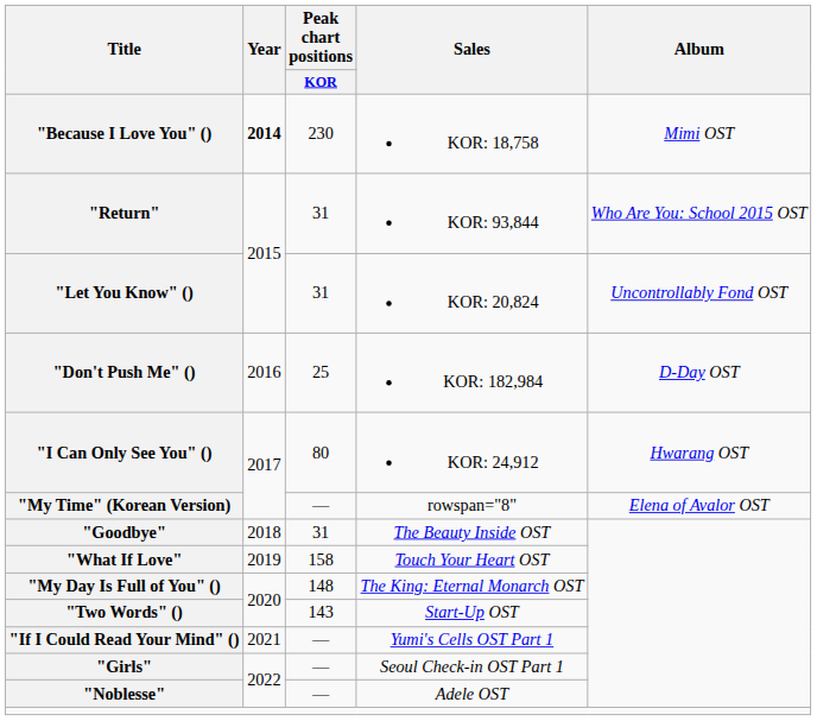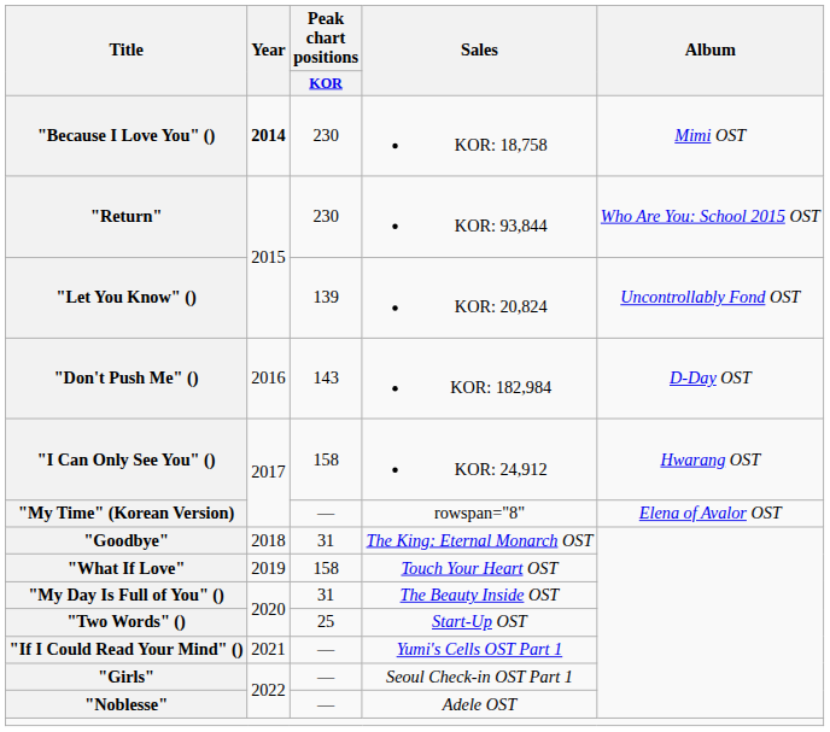 <table class="wikitable plainrowheaders" style="text-align:center">
 <tr>
 <th scope="col" rowspan="2">Title</th>
 <th scope="col" rowspan="2">Year</th>
 <th scope="col">Peak chart<br>positions</th>
 <th scope="col" rowspan="2">Sales</th>
 <th scope="col" rowspan="2">Album</th>
 </tr>
 <tr>
 <th scope="col" style="font-size:85%; width:2.5em"><a href='#'>KOR</a><br></th>
 </tr>
 <tr>
 <th scope="row">"Because I Love You" ()</th>
 <td><strong>2014</strong></td>
 <td>230</td>
 <td><br><ul><li>KOR: 18,758</li></ul></td>
 <td><em><a href='#'>Mimi</a> OST</em></td>
 </tr>
 <tr>
 <th scope="row">"Return"<br></th>
 <td rowspan="2">2015</td>
-<td>31</td>
+<td>230</td>
 <td><br><ul><li>KOR: 93,844</li></ul></td>
 <td><em><a href='#'>Who Are You: School 2015</a> OST</em></td>
 </tr>
 <tr>
 <th scope="row">"Let You Know" ()</th>
-<td>31</td>
+<td>139</td>
 <td><br><ul><li>KOR: 20,824</li></ul></td>
 <td><em><a href='#'>Uncontrollably Fond</a> OST</em></td>
 </tr>
 <tr>
 <th scope="row">"Don't Push Me" ()<br></th>
 <td>2016</td>
-<td>25</td>
+<td>143</td>
 <td><br><ul><li>KOR: 182,984</li></ul></td>
 <td><em><a href='#'>D-Day</a> OST</em></td>
 </tr>
 <tr>
 <th scope="row">"I Can Only See You" ()<br></th>
 <td rowspan="2">2017</td>
-<td>80</td>
+<td>158</td>
 <td><br><ul><li>KOR: 24,912</li></ul></td>
 <td><em><a href='#'>Hwarang</a> OST</em></td>
 </tr>
 <tr>
 <th scope="row">"My Time" (Korean Version)</th>
 <td>—</td>
 <td>rowspan="8" </td>
 <td><em><a href='#'>Elena of Avalor</a> OST</em></td>
 </tr>
 <tr>
 <th scope="row">"Goodbye"</th>
 <td>2018</td>
 <td>31</td>
-<td><em><a href='#'>The Beauty Inside</a> OST</em></td>
+<td><em><a href='#'>The King: Eternal Monarch</a> OST</em></td>
 </tr>
 <tr>
 <th scope="row">"What If Love"</th>
 <td>2019</td>
 <td>158</td>
 <td><em><a href='#'>Touch Your Heart</a> OST</em></td>
 </tr>
 <tr>
 <th scope="row">"My Day Is Full of You" ()<br></th>
 <td rowspan="2">2020</td>
-<td>148</td>
-<td><em><a href='#'>The King: Eternal Monarch</a> OST</em></td>
+<td>31</td>
+<td><em><a href='#'>The Beauty Inside</a> OST</em></td>
 </tr>
 <tr>
 <th scope="row">"Two Words" ()</th>
-<td>143</td>
+<td>25</td>
 <td><em><a href='#'>Start-Up</a> OST</em></td>
 </tr>
 <tr>
 <th scope="row">"If I Could Read Your Mind" ()</th>
 <td>2021</td>
 <td>—</td>
 <td><em><a href='#'>Yumi's Cells OST Part 1</a></em></td>
 </tr>
 <tr>
 <th scope="row">"Girls"</th>
 <td rowspan="2">2022</td>
 <td>—</td>
 <td><em>Seoul Check-in OST Part 1</em></td>
 </tr>
 <tr>
 <th scope="row">"Noblesse"</th>
 <td>—</td>
 <td><em>Adele OST</em></td>
 </tr>
 <tr>
 <td colspan="5"></td>
 </tr>
 </table>
